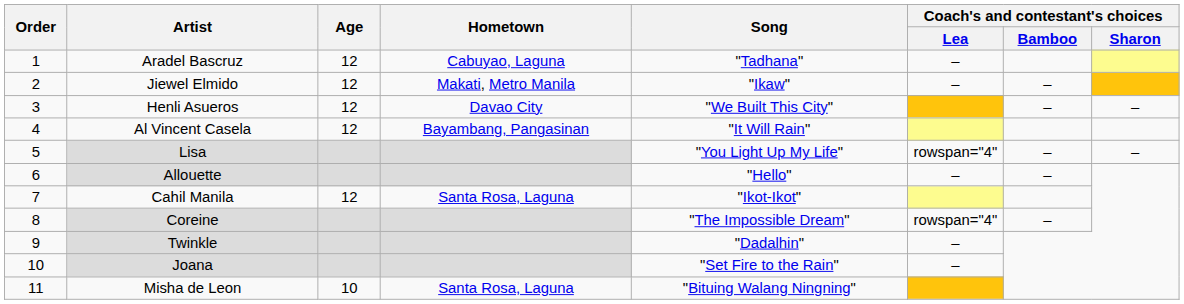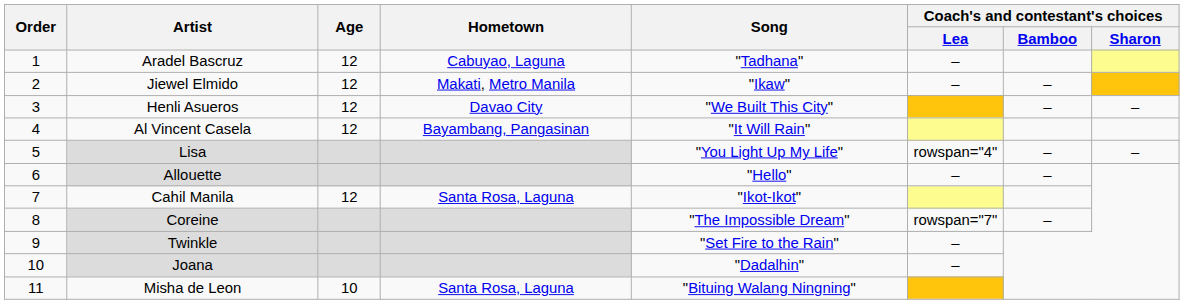 <table class="wikitable" style="text-align:center; line-height:17px; width:100%;">
 <tr>
 <th scope="col" rowspan="2" width="05%">Order</th>
 <th scope="col" rowspan="2" width="20%">Artist</th>
 <th scope="col" rowspan="2" width="05%">Age</th>
 <th scope="col" rowspan="2" width="20%">Hometown</th>
 <th scope="col" rowspan="2" width="22%">Song</th>
 <th scope="col" colspan="4" width="28%">Coach's and contestant's choices</th>
 </tr>
 <tr>
 <th width="07%"><a href='#'>Lea</a></th>
 <th width="07%"><a href='#'>Bamboo</a></th>
 <th width="07%"><a href='#'>Sharon</a></th>
 </tr>
 <tr>
 <td scope="row">1</td>
 <td>Aradel Bascruz</td>
 <td>12</td>
 <td><a href='#'>Cabuyao, Laguna</a></td>
 <td>"<a href='#'>Tadhana</a>"</td>
 <td>–</td>
 <td><strong></strong></td>
 <td style="background:#fdfc8f;"><strong></strong></td>
 </tr>
 <tr>
 <td scope="row">2</td>
 <td>Jiewel Elmido</td>
 <td>12</td>
 <td><a href='#'>Makati</a>, <a href='#'>Metro Manila</a></td>
 <td>"<a href='#'>Ikaw</a>"</td>
 <td>–</td>
 <td>–</td>
 <td style="background:#ffc40c;"><strong></strong></td>
 </tr>
 <tr>
 <td scope="row">3</td>
 <td>Henli Asueros</td>
 <td>12</td>
 <td><a href='#'>Davao City</a></td>
 <td>"<a href='#'>We Built This City</a>"</td>
 <td style="background:#ffc40c;"><strong></strong></td>
 <td>–</td>
 <td>–</td>
 </tr>
 <tr>
 <td scope="row">4</td>
 <td>Al Vincent Casela</td>
 <td>12</td>
 <td><a href='#'>Bayambang, Pangasinan</a></td>
 <td>"<a href='#'>It Will Rain</a>"</td>
 <td style="background:#fdfc8f;"><strong></strong></td>
 <td><strong></strong></td>
 <td><strong></strong></td>
 </tr>
 <tr>
 <td scope="row">5</td>
 <td style="background:#DCDCDC;">Lisa</td>
 <td style="background:#DCDCDC;"></td>
 <td style="background:#DCDCDC;"></td>
 <td>"<a href='#'>You Light Up My Life</a>"</td>
 <td>rowspan="4" </td>
 <td>–</td>
 <td>–</td>
 </tr>
 <tr>
 <td scope="row">6</td>
 <td style="background:#DCDCDC;">Allouette</td>
 <td style="background:#DCDCDC;"></td>
 <td style="background:#DCDCDC;"></td>
 <td>"<a href='#'>Hello</a>"</td>
 <td>–</td>
 <td>–</td>
 </tr>
 <tr>
 <td scope="row">7</td>
 <td>Cahil Manila</td>
 <td>12</td>
 <td><a href='#'>Santa Rosa, Laguna</a></td>
 <td>"<a href='#'>Ikot-Ikot</a>"</td>
 <td style="background:#fdfc8f;"><strong></strong></td>
 <td><strong></strong></td>
 </tr>
 <tr>
 <td scope="row">8</td>
 <td style="background:#DCDCDC;">Coreine</td>
 <td style="background:#DCDCDC;"></td>
 <td style="background:#DCDCDC;"></td>
 <td>"<a href='#'>The Impossible Dream</a>"</td>
-<td>rowspan="4" </td>
+<td>rowspan="7" </td>
 <td>–</td>
 </tr>
 <tr>
 <td scope="row">9</td>
 <td style="background:#DCDCDC;">Twinkle</td>
 <td style="background:#DCDCDC;"></td>
 <td style="background:#DCDCDC;"></td>
-<td>"<a href='#'>Dadalhin</a>"</td>
+<td>"<a href='#'>Set Fire to the Rain</a>"</td>
 <td>–</td>
 </tr>
 <tr>
 <td scope="row">10</td>
 <td style="background:#DCDCDC;">Joana</td>
 <td style="background:#DCDCDC;"></td>
 <td style="background:#DCDCDC;"></td>
-<td>"<a href='#'>Set Fire to the Rain</a>"</td>
+<td>"<a href='#'>Dadalhin</a>"</td>
 <td>–</td>
 </tr>
 <tr>
 <td scope="row">11</td>
 <td>Misha de Leon</td>
 <td>10</td>
 <td><a href='#'>Santa Rosa, Laguna</a></td>
 <td>"<a href='#'>Bituing Walang Ningning</a>"</td>
 <td style="background:#ffc40c;"><strong></strong></td>
 </tr>
 </table>
